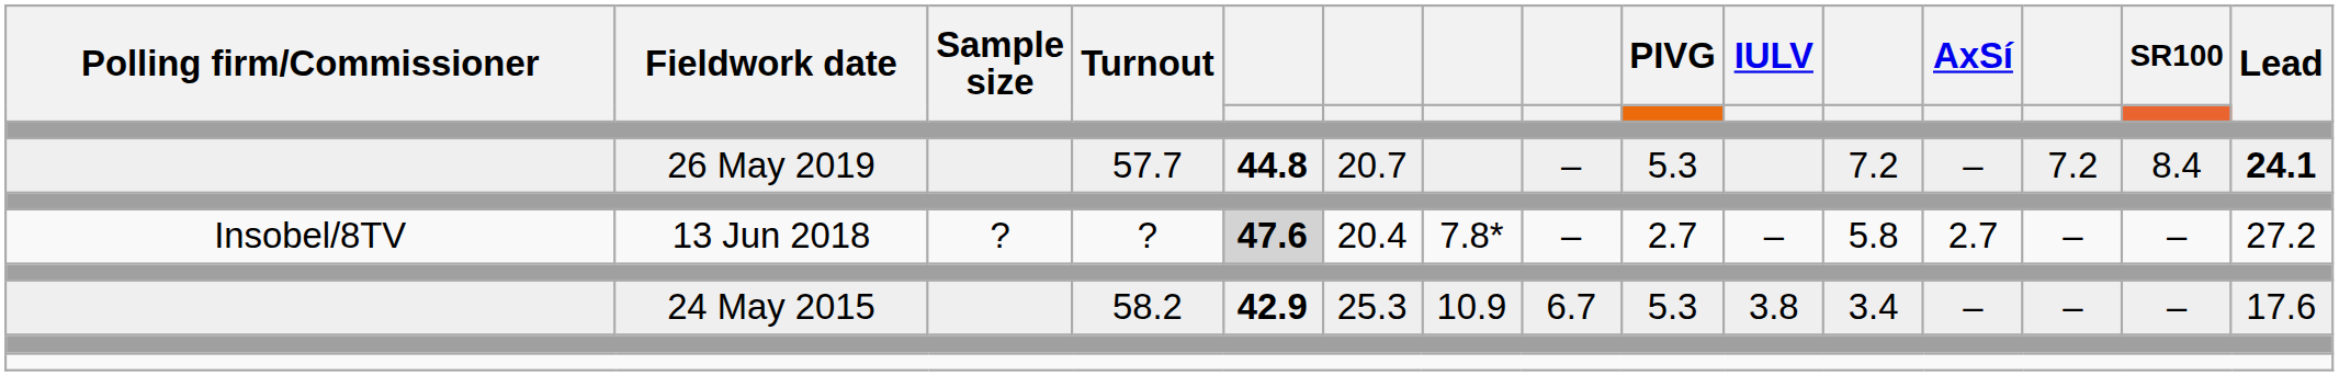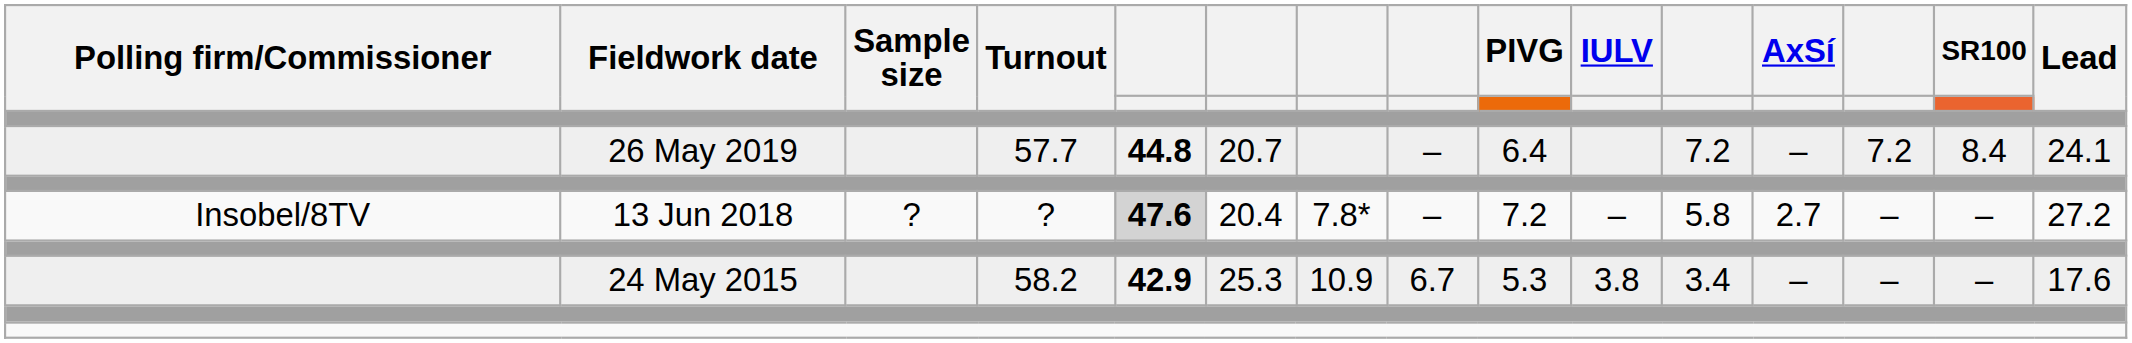 <table class="wikitable collapsible collapsed" style="text-align:center; font-size:95%; line-height:16px;">
 <tr style="height:42px;">
 <th style="width:250px;" rowspan="2">Polling firm/Commissioner</th>
 <th style="width:125px;" rowspan="2">Fieldwork date</th>
 <th style="width:50px;" rowspan="2">Sample size</th>
 <th style="width:45px;" rowspan="2">Turnout</th>
 <th style="width:35px;"></th>
 <th style="width:35px;"></th>
 <th style="width:35px;"></th>
 <th style="width:35px;"></th>
 <th style="width:35px;">PIVG</th>
 <th style="width:35px;"><a href='#'>IULV</a></th>
 <th style="width:35px;"></th>
 <th style="width:35px;"><a href='#'>AxSí</a></th>
 <th style="width:35px;"></th>
 <th style="width:35px; font-size:85%;">SR100</th>
 <th style="width:30px;" rowspan="2">Lead</th>
 </tr>
 <tr>
 <th style="color:inherit;background:"></th>
 <th style="color:inherit;background:"></th>
 <th style="color:inherit;background:"></th>
 <th style="color:inherit;background:"></th>
 <th style="color:inherit;background:#EC6A0A;"></th>
 <th style="color:inherit;background:"></th>
 <th style="color:inherit;background:"></th>
 <th style="color:inherit;background:"></th>
 <th style="color:inherit;background:"></th>
 <th style="color:inherit;background:#EA642F;"></th>
 </tr>
 <tr>
 <td colspan="15" style="background:#A0A0A0"></td>
 </tr>
 <tr style="background:#EFEFEF;">
 <td><strong></strong></td>
 <td>26 May 2019</td>
 <td></td>
 <td>57.7</td>
 <td><strong>44.8</strong><br></td>
 <td>20.7<br></td>
 <td></td>
 <td>–</td>
-<td>5.3<br></td>
+<td>6.4<br></td>
 <td></td>
 <td>7.2<br></td>
 <td>–</td>
 <td>7.2<br></td>
 <td>8.4<br></td>
-<td style="background:"><strong>24.1</strong></td>
+<td style="background:">24.1</td>
 </tr>
 <tr>
 <td colspan="15" style="background:#A0A0A0"></td>
 </tr>
 <tr>
 <td>Insobel/8TV</td>
 <td>13 Jun 2018</td>
 <td>?</td>
 <td>?</td>
 <td style="background: lightgrey;"><strong>47.6</strong><br></td>
 <td>20.4<br></td>
 <td>7.8*<br></td>
 <td>–</td>
-<td>2.7<br></td>
+<td>7.2<br></td>
 <td>–</td>
 <td>5.8<br></td>
 <td>2.7<br></td>
 <td>–</td>
 <td>–</td>
 <td style="background:">27.2</td>
 </tr>
 <tr>
 <td colspan="15" style="background:#A0A0A0"></td>
 </tr>
 <tr style="background:#EFEFEF;">
 <td><strong></strong></td>
 <td>24 May 2015</td>
 <td></td>
 <td>58.2</td>
 <td><strong>42.9</strong><br></td>
 <td>25.3<br></td>
 <td>10.9<br></td>
 <td>6.7<br></td>
 <td>5.3<br></td>
 <td>3.8<br></td>
 <td>3.4<br></td>
 <td>–</td>
 <td>–</td>
 <td>–</td>
 <td style="background:">17.6</td>
 </tr>
 <tr>
 <td colspan="15" style="background:#A0A0A0"></td>
 </tr>
 <tr>
 <td align="left" colspan="15"></td>
 </tr>
 </table>
